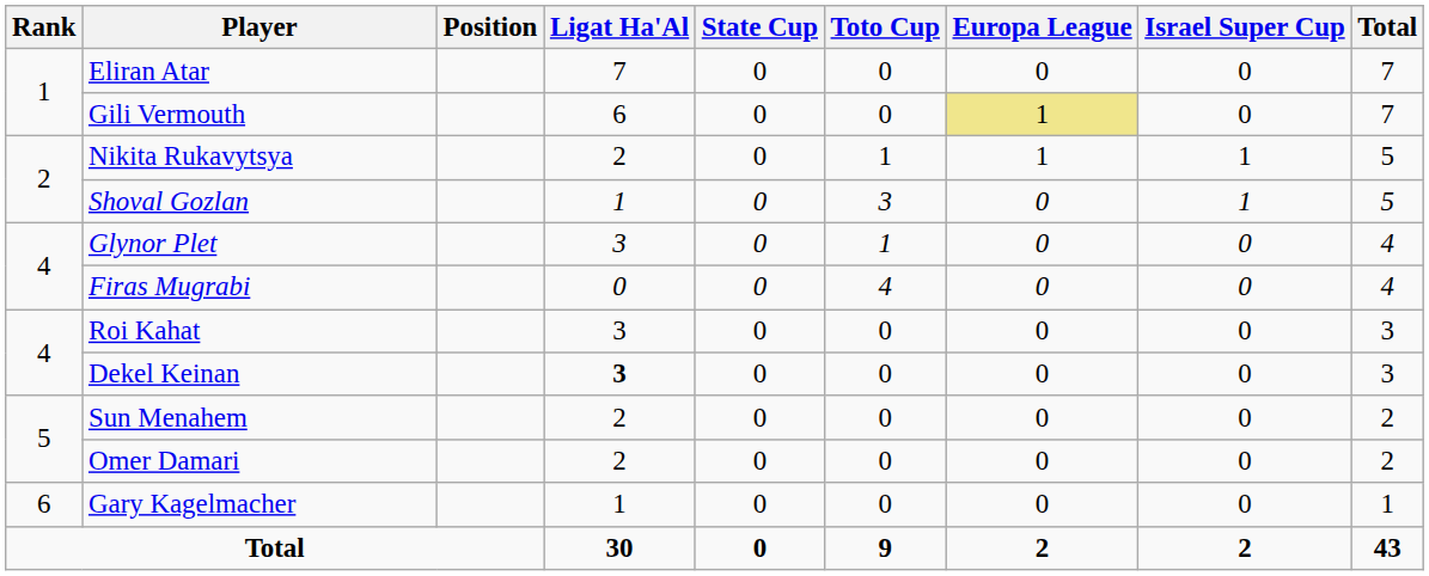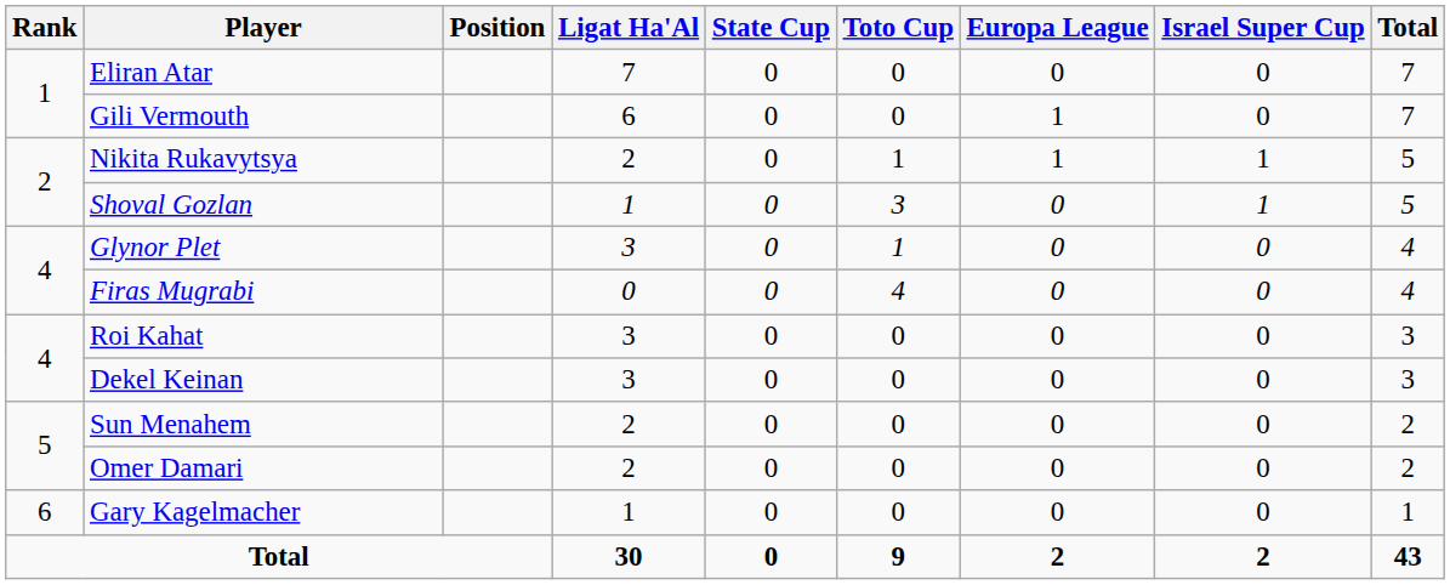 <table class="wikitable">
 <tr>
 <th>Rank</th>
 <th style="width:200px;">Player</th>
 <th>Position</th>
 <th><a href='#'>Ligat Ha'Al</a></th>
 <th><a href='#'>State Cup</a></th>
 <th><a href='#'>Toto Cup</a></th>
 <th><a href='#'>Europa League</a></th>
 <th><a href='#'>Israel Super Cup</a></th>
 <th>Total</th>
 </tr>
 <tr>
 <td align=center rowspan=2>1</td>
 <td> <a href='#'>Eliran Atar</a></td>
 <td align=center></td>
 <td align=center>7</td>
 <td align=center>0</td>
 <td align=center>0</td>
 <td align=center>0</td>
 <td align=center>0</td>
 <td align=center>7</td>
 </tr>
 <tr>
 <td> <a href='#'>Gili Vermouth</a></td>
 <td align=center></td>
 <td align=center>6</td>
 <td align=center>0</td>
 <td align=center>0</td>
-<td align=center style="background: khaki;">1</td>
+<td align=center>1</td>
 <td align=center>0</td>
 <td align=center>7</td>
 </tr>
 <tr>
 <td align=center rowspan=2>2</td>
 <td> <a href='#'>Nikita Rukavytsya</a></td>
 <td align=center></td>
 <td align=center>2</td>
 <td align=center>0</td>
 <td align=center>1</td>
 <td align=center>1</td>
 <td align=center>1</td>
 <td align=center>5</td>
 </tr>
 <tr>
 <td> <em><a href='#'>Shoval Gozlan</a></em></td>
 <td align=center></td>
 <td align=center><em>1</em></td>
 <td align=center><em>0</em></td>
 <td align=center><em>3</em></td>
 <td align=center><em>0</em></td>
 <td align=center><em>1</em></td>
 <td align=center><em>5</em></td>
 </tr>
 <tr>
 <td align=center rowspan=2>4</td>
 <td> <em><a href='#'>Glynor Plet</a></em></td>
 <td align=center></td>
 <td align=center><em>3</em></td>
 <td align=center><em>0</em></td>
 <td align=center><em>1</em></td>
 <td align=center><em>0</em></td>
 <td align=center><em>0</em></td>
 <td align=center><em>4</em></td>
 </tr>
 <tr>
 <td> <em><a href='#'>Firas Mugrabi</a></em></td>
 <td align=center></td>
 <td align=center><em>0</em></td>
 <td align=center><em>0</em></td>
 <td align=center><em>4</em></td>
 <td align=center><em>0</em></td>
 <td align=center><em>0</em></td>
 <td align=center><em>4</em></td>
 </tr>
 <tr>
 <td align=center rowspan=2>4</td>
 <td> <a href='#'>Roi Kahat</a></td>
 <td align=center></td>
 <td align=center>3</td>
 <td align=center>0</td>
 <td align=center>0</td>
 <td align=center>0</td>
 <td align=center>0</td>
 <td align=center>3</td>
 </tr>
 <tr>
 <td> <a href='#'>Dekel Keinan</a></td>
 <td align=center></td>
-<td align=center><strong>3</strong></td>
+<td align=center>3</td>
 <td align=center>0</td>
 <td align=center>0</td>
 <td align=center>0</td>
 <td align=center>0</td>
 <td align=center>3</td>
 </tr>
 <tr>
 <td align=center rowspan=2>5</td>
 <td> <a href='#'>Sun Menahem</a></td>
 <td align=center></td>
 <td align=center>2</td>
 <td align=center>0</td>
 <td align=center>0</td>
 <td align=center>0</td>
 <td align=center>0</td>
 <td align=center>2</td>
 </tr>
 <tr>
 <td> <a href='#'>Omer Damari</a></td>
 <td align=center></td>
 <td align=center>2</td>
 <td align=center>0</td>
 <td align=center>0</td>
 <td align=center>0</td>
 <td align=center>0</td>
 <td align=center>2</td>
 </tr>
 <tr>
 <td align=center>6</td>
 <td> <a href='#'>Gary Kagelmacher</a></td>
 <td align=center></td>
 <td align=center>1</td>
 <td align=center>0</td>
 <td align=center>0</td>
 <td align=center>0</td>
 <td align=center>0</td>
 <td align=center>1</td>
 </tr>
 <tr>
 <td align=center colspan=3><strong>Total</strong></td>
 <td align=center><strong>30</strong></td>
 <td align=center><strong>0</strong></td>
 <td align=center><strong>9</strong></td>
 <td align=center><strong>2</strong></td>
 <td align=center><strong>2</strong></td>
 <td align=center><strong>43</strong></td>
 </tr>
 </table>
